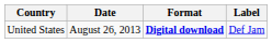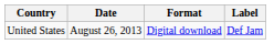 <table class="wikitable">
 <tr>
 <th>Country</th>
 <th>Date</th>
 <th>Format</th>
 <th>Label</th>
 </tr>
 <tr>
 <td rowspan="3">United States</td>
 <td>August 26, 2013</td>
-<td><strong><a href='#'>Digital download</a></strong></td>
+<td><a href='#'>Digital download</a></td>
 <td><a href='#'>Def Jam</a></td>
 </tr>
 </table>
